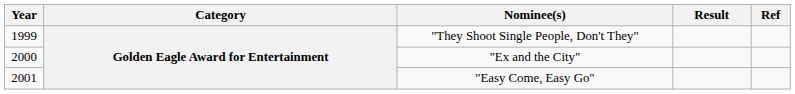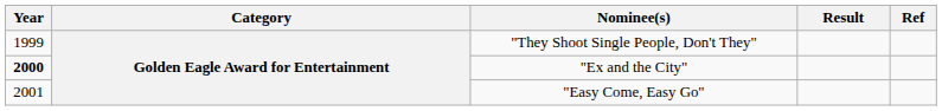 <table class="wikitable plainrowheaders" style="font-size: 90%; text-align:center" width=100%>
 <tr>
 <th scope="col" width="5%">Year</th>
 <th scope="col" width="45%">Category</th>
 <th scope="col" width="35%">Nominee(s)</th>
 <th scope="col" width="10%">Result</th>
 <th scope="col" width="5%">Ref</th>
 </tr>
 <tr>
 <td>1999</td>
 <th scope="row" style="text-align:center" rowspan="3">Golden Eagle Award for Entertainment</th>
 <td>"They Shoot Single People, Don't They"</td>
 <td></td>
 <td></td>
 </tr>
 <tr>
-<td>2000</td>
+<td><strong>2000</strong></td>
 <td>"Ex and the City"</td>
 <td></td>
 <td></td>
 </tr>
 <tr>
 <td>2001</td>
 <td>"Easy Come, Easy Go"</td>
 <td></td>
 <td></td>
 </tr>
 </table>
